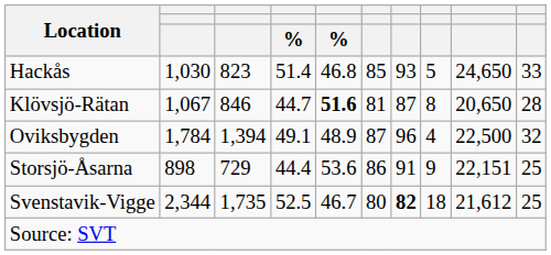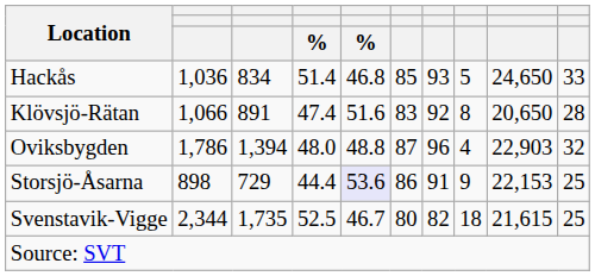 <table role="presentation" class="wikitable sortable mw-collapsible">
 <tr>
 <th rowspan="3">Location</th>
 <th></th>
 <th></th>
 <th></th>
 <th></th>
 <th></th>
 <th></th>
 <th></th>
 <th></th>
 <th></th>
 </tr>
 <tr>
 <th></th>
 <th></th>
 <th style="background:"></th>
 <th style="background:"></th>
 <th></th>
 <th></th>
 <th></th>
 <th></th>
 <th></th>
 </tr>
 <tr>
 <th data-sort-type="number"></th>
 <th data-sort-type="number"></th>
 <th data-sort-type="number">%</th>
 <th data-sort-type="number">%</th>
 <th data-sort-type="number"></th>
 <th data-sort-type="number"></th>
 <th data-sort-type="number"></th>
 <th data-sort-type="number"></th>
 <th data-sort-type="number"></th>
 </tr>
 <tr>
 <td align="left">Hackås</td>
-<td>1,030</td>
-<td>823</td>
+<td>1,036</td>
+<td>834</td>
 <td>51.4</td>
 <td>46.8</td>
 <td>85</td>
 <td>93</td>
 <td>5</td>
 <td>24,650</td>
 <td>33</td>
 </tr>
 <tr>
 <td align="left">Klövsjö-Rätan</td>
-<td>1,067</td>
-<td>846</td>
-<td>44.7</td>
-<td><strong>51.6</strong></td>
-<td>81</td>
-<td>87</td>
+<td>1,066</td>
+<td>891</td>
+<td>47.4</td>
+<td>51.6</td>
+<td>83</td>
+<td>92</td>
 <td>8</td>
 <td>20,650</td>
 <td>28</td>
 </tr>
 <tr>
 <td align="left">Oviksbygden</td>
-<td>1,784</td>
+<td>1,786</td>
 <td>1,394</td>
-<td>49.1</td>
-<td>48.9</td>
+<td>48.0</td>
+<td>48.8</td>
 <td>87</td>
 <td>96</td>
 <td>4</td>
-<td>22,500</td>
+<td>22,903</td>
 <td>32</td>
 </tr>
 <tr>
 <td align="left">Storsjö-Åsarna</td>
 <td>898</td>
 <td>729</td>
 <td>44.4</td>
-<td>53.6</td>
+<td style="background: lavender;">53.6</td>
 <td>86</td>
 <td>91</td>
 <td>9</td>
-<td>22,151</td>
+<td>22,153</td>
 <td>25</td>
 </tr>
 <tr>
 <td align="left">Svenstavik-Vigge</td>
 <td>2,344</td>
 <td>1,735</td>
 <td>52.5</td>
 <td>46.7</td>
 <td>80</td>
-<td><strong>82</strong></td>
+<td>82</td>
 <td>18</td>
-<td>21,612</td>
+<td>21,615</td>
 <td>25</td>
 </tr>
 <tr>
 <td colspan="10" align="left">Source: <a href='#'>SVT</a></td>
 </tr>
 </table>
